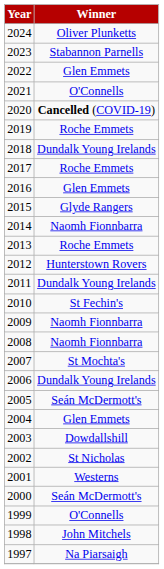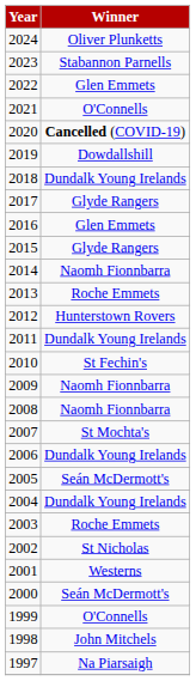 <table class="wikitable" style="text-align:center;">
 <tr>
 <th style="background:#B60000;color:white">Year</th>
 <th style="background:#B60000;color:white">Winner</th>
 </tr>
 <tr>
 <td>2024</td>
 <td><a href='#'>Oliver Plunketts</a></td>
 </tr>
 <tr>
 <td>2023</td>
 <td><a href='#'>Stabannon Parnells</a></td>
 </tr>
 <tr>
 <td>2022</td>
 <td><a href='#'>Glen Emmets</a></td>
 </tr>
 <tr>
 <td>2021</td>
 <td><a href='#'>O'Connells</a></td>
 </tr>
 <tr>
 <td>2020</td>
 <td ! colspan=5 align=center><strong>Cancelled</strong> (<a href='#'>COVID-19</a>)</td>
 </tr>
 <tr>
 <td>2019</td>
-<td><a href='#'>Roche Emmets</a></td>
+<td><a href='#'>Dowdallshill</a></td>
 </tr>
 <tr>
 <td>2018</td>
 <td><a href='#'>Dundalk Young Irelands</a></td>
 </tr>
 <tr>
 <td>2017</td>
-<td><a href='#'>Roche Emmets</a></td>
+<td><a href='#'>Glyde Rangers</a></td>
 </tr>
 <tr>
 <td>2016</td>
 <td><a href='#'>Glen Emmets</a></td>
 </tr>
 <tr>
 <td>2015</td>
 <td><a href='#'>Glyde Rangers</a></td>
 </tr>
 <tr>
 <td>2014</td>
 <td><a href='#'>Naomh Fionnbarra</a></td>
 </tr>
 <tr>
 <td>2013</td>
 <td><a href='#'>Roche Emmets</a></td>
 </tr>
 <tr>
 <td>2012</td>
 <td><a href='#'>Hunterstown Rovers</a></td>
 </tr>
 <tr>
 <td>2011</td>
 <td><a href='#'>Dundalk Young Irelands</a></td>
 </tr>
 <tr>
 <td>2010</td>
 <td><a href='#'>St Fechin's</a></td>
 </tr>
 <tr>
 <td>2009</td>
 <td><a href='#'>Naomh Fionnbarra</a></td>
 </tr>
 <tr>
 <td>2008</td>
 <td><a href='#'>Naomh Fionnbarra</a></td>
 </tr>
 <tr>
 <td>2007</td>
 <td><a href='#'>St Mochta's</a></td>
 </tr>
 <tr>
 <td>2006</td>
 <td><a href='#'>Dundalk Young Irelands</a></td>
 </tr>
 <tr>
 <td>2005</td>
 <td><a href='#'>Seán McDermott's</a></td>
 </tr>
 <tr>
 <td>2004</td>
-<td><a href='#'>Glen Emmets</a></td>
+<td><a href='#'>Dundalk Young Irelands</a></td>
 </tr>
 <tr>
 <td>2003</td>
-<td><a href='#'>Dowdallshill</a></td>
+<td><a href='#'>Roche Emmets</a></td>
 </tr>
 <tr>
 <td>2002</td>
 <td><a href='#'>St Nicholas</a></td>
 </tr>
 <tr>
 <td>2001</td>
 <td><a href='#'>Westerns</a></td>
 </tr>
 <tr>
 <td>2000</td>
 <td><a href='#'>Seán McDermott's</a></td>
 </tr>
 <tr>
 <td>1999</td>
 <td><a href='#'>O'Connells</a></td>
 </tr>
 <tr>
 <td>1998</td>
 <td><a href='#'>John Mitchels</a></td>
 </tr>
 <tr>
 <td>1997</td>
 <td><a href='#'>Na Piarsaigh</a></td>
 </tr>
 <tr>
 </tr>
 </table>
